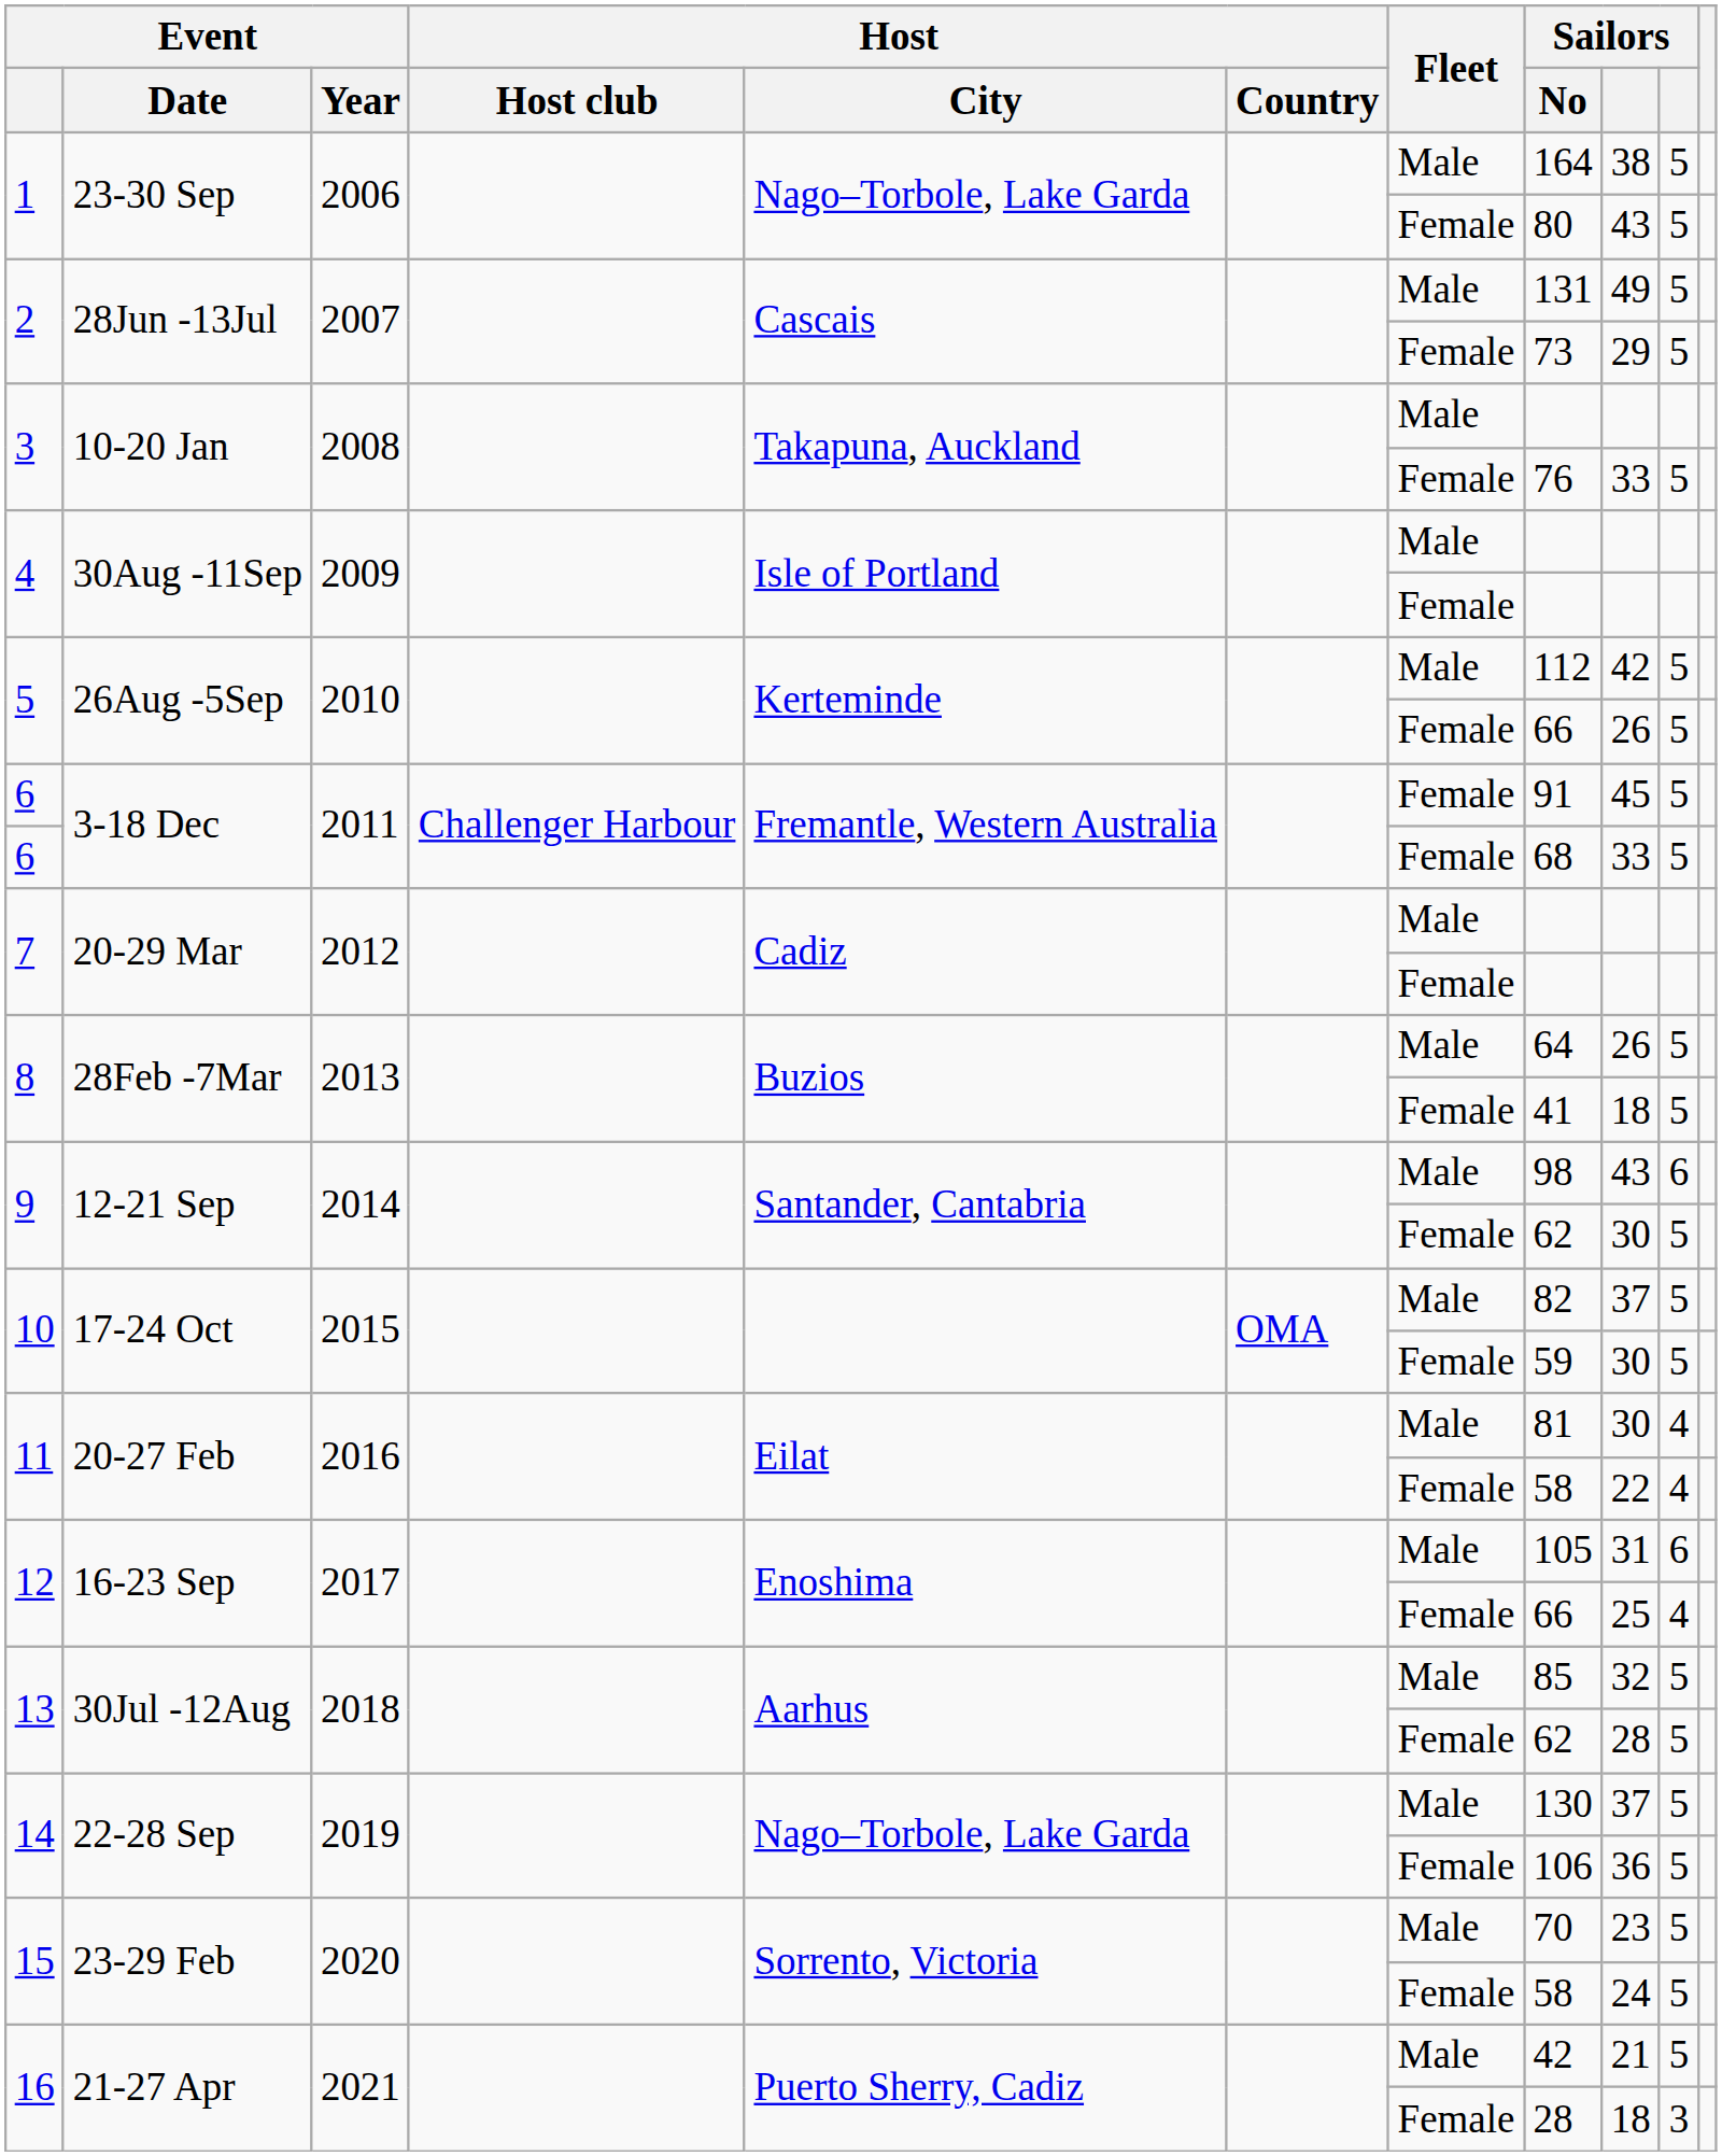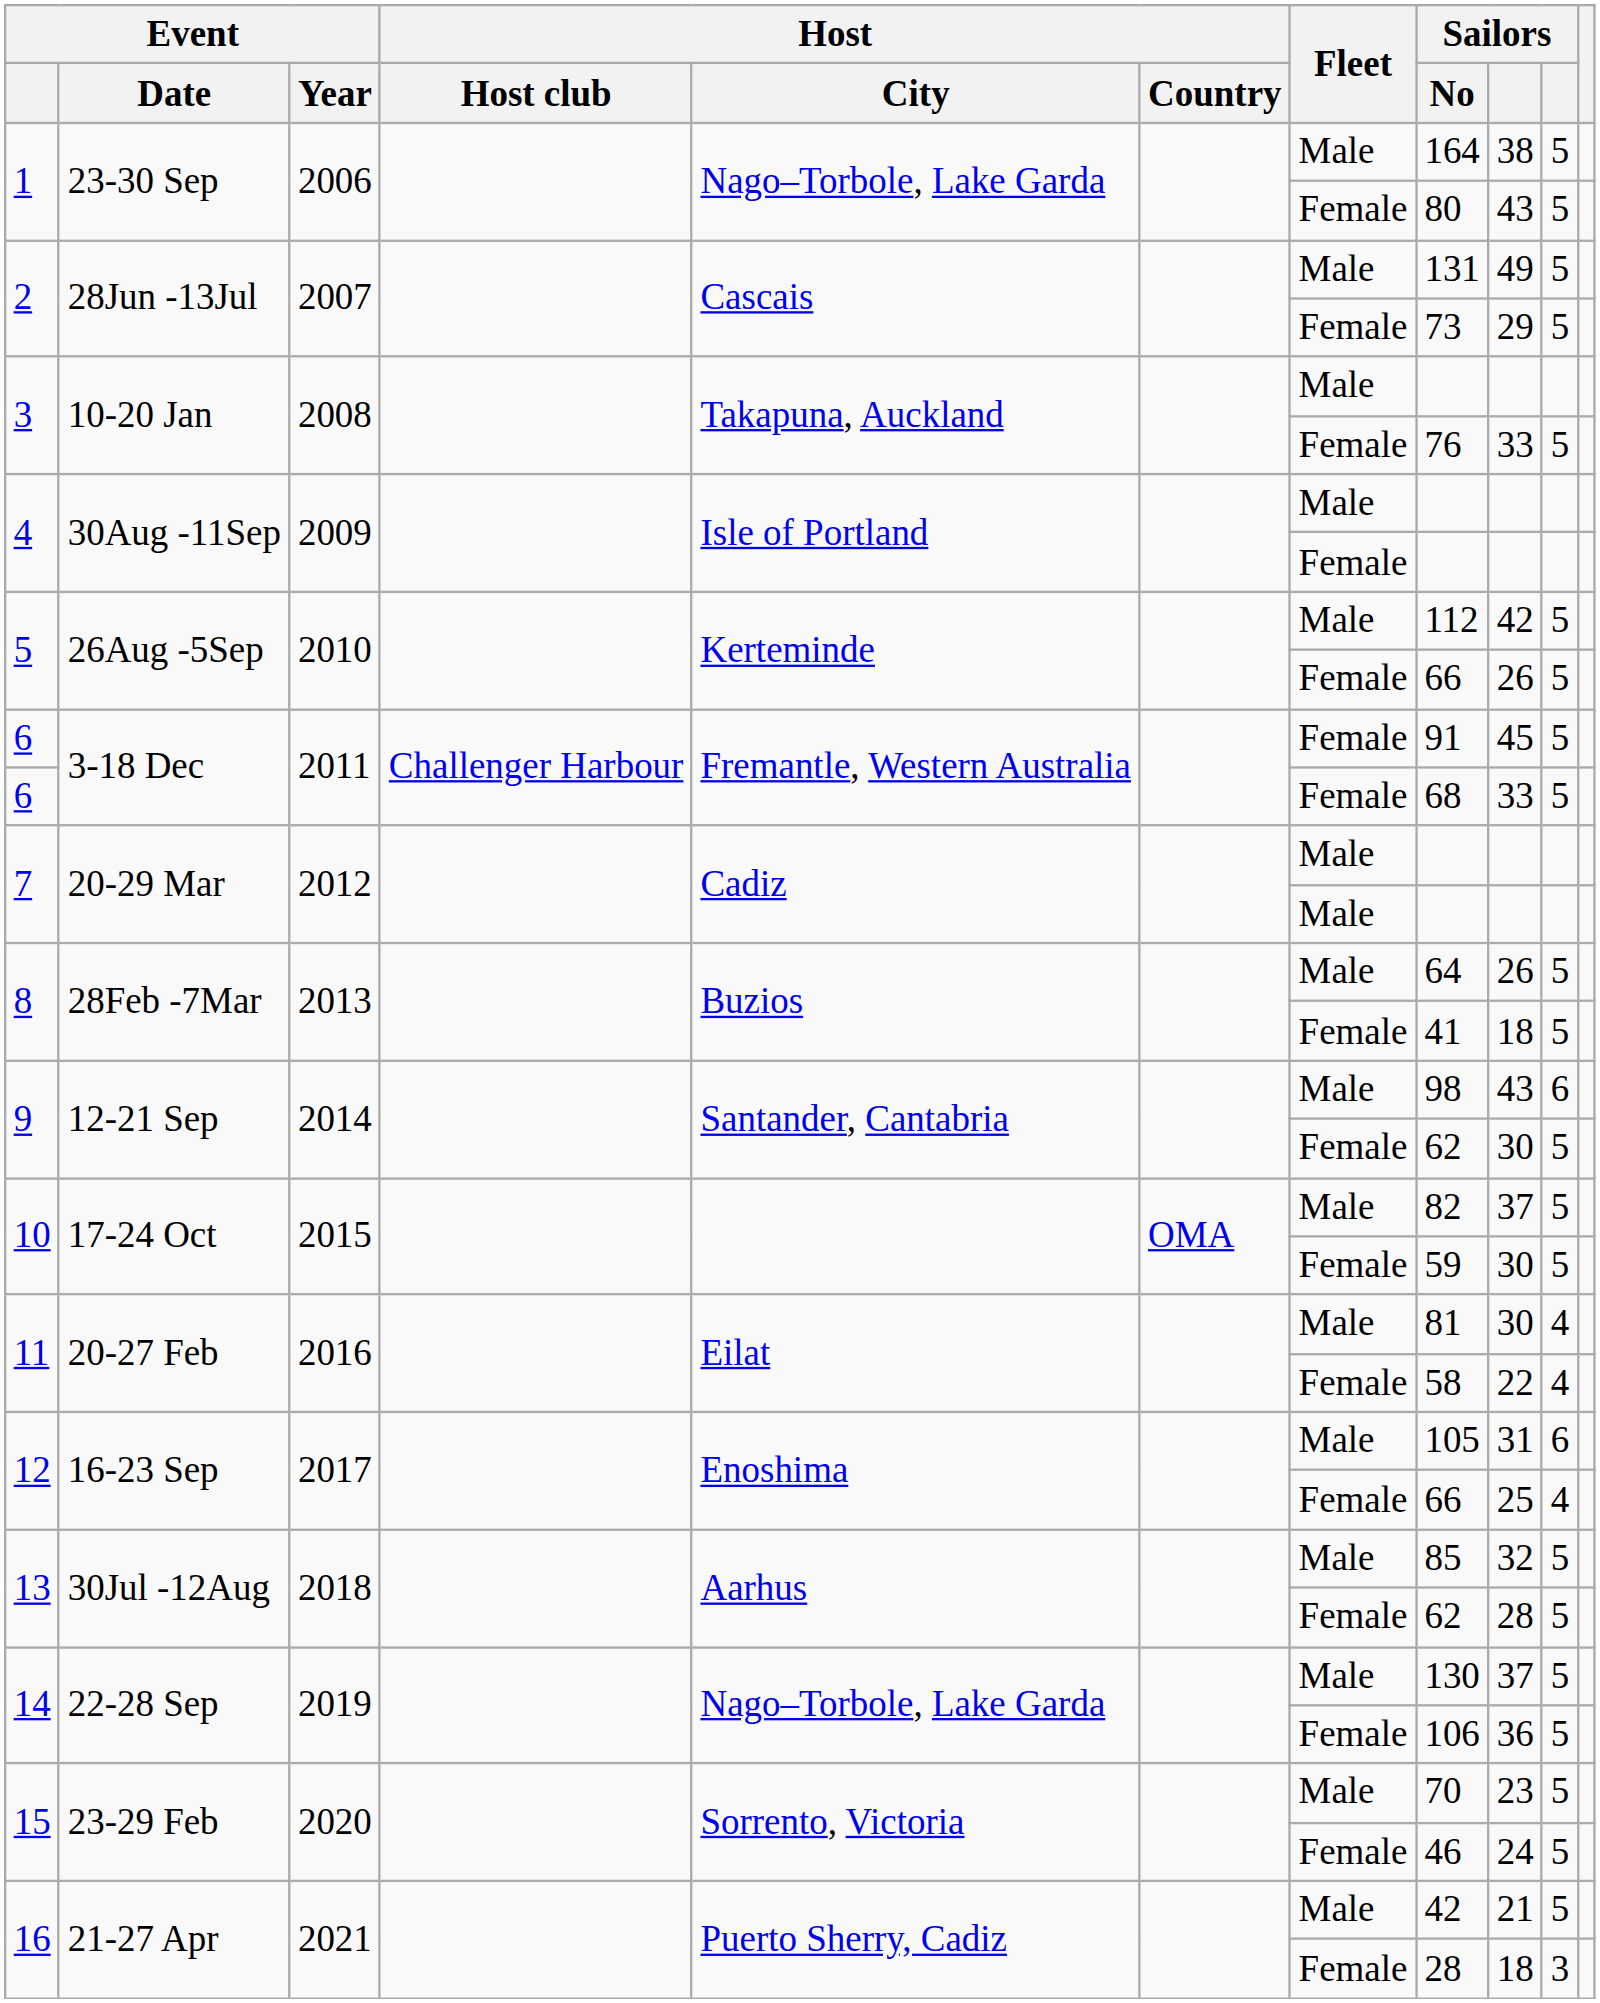 <table class="wikitable sortable">
 <tr>
 <th colspan=3>Event</th>
 <th colspan=3>Host</th>
 <th rowspan=2>Fleet</th>
 <th colspan=3>Sailors</th>
 <th rowspan=2></th>
 </tr>
 <tr>
 <th></th>
 <th>Date</th>
 <th>Year</th>
 <th>Host club</th>
 <th>City</th>
 <th>Country</th>
 <th>No</th>
 <th></th>
 <th></th>
 </tr>
 <tr>
 <td rowspan=2><a href='#'>1</a></td>
 <td rowspan=2>23-30 Sep</td>
 <td rowspan=2>2006</td>
 <td rowspan=2></td>
 <td rowspan=2><a href='#'>Nago–Torbole</a>, <a href='#'>Lake Garda</a></td>
 <td rowspan=2></td>
 <td>Male</td>
 <td>164</td>
 <td>38</td>
 <td>5</td>
 <td> </td>
 </tr>
 <tr>
 <td>Female</td>
 <td>80</td>
 <td>43</td>
 <td>5</td>
 <td></td>
 </tr>
 <tr>
 <td rowspan=2><a href='#'>2</a></td>
 <td rowspan=2>28Jun -13Jul</td>
 <td rowspan=2>2007</td>
 <td rowspan=2></td>
 <td rowspan=2><a href='#'>Cascais</a></td>
 <td rowspan=2></td>
 <td>Male</td>
 <td>131</td>
 <td>49</td>
 <td>5</td>
 <td></td>
 </tr>
 <tr>
 <td>Female</td>
 <td>73</td>
 <td>29</td>
 <td>5</td>
 <td></td>
 </tr>
 <tr>
 <td rowspan=2><a href='#'>3</a></td>
 <td rowspan=2>10-20 Jan</td>
 <td rowspan=2>2008</td>
 <td rowspan=2></td>
 <td rowspan=2><a href='#'>Takapuna</a>, <a href='#'>Auckland</a></td>
 <td rowspan=2></td>
 <td>Male</td>
 <td></td>
 <td></td>
 <td></td>
 <td>	</td>
 </tr>
 <tr>
 <td>Female</td>
 <td>76</td>
 <td>33</td>
 <td>5</td>
 <td></td>
 </tr>
 <tr>
 <td rowspan=2><a href='#'>4</a></td>
 <td rowspan=2>30Aug -11Sep</td>
 <td rowspan=2>2009</td>
 <td rowspan=2></td>
 <td rowspan=2><a href='#'>Isle of Portland</a></td>
 <td rowspan=2></td>
 <td>Male</td>
 <td></td>
 <td></td>
 <td></td>
 <td>	</td>
 </tr>
 <tr>
 <td>Female</td>
 <td></td>
 <td></td>
 <td></td>
 <td></td>
 </tr>
 <tr>
 <td rowspan=2><a href='#'>5</a></td>
 <td rowspan=2>26Aug -5Sep</td>
 <td rowspan=2>2010</td>
 <td rowspan=2></td>
 <td rowspan=2><a href='#'>Kerteminde</a></td>
 <td rowspan=2></td>
 <td>Male</td>
 <td>112</td>
 <td>42</td>
 <td>5</td>
 <td></td>
 </tr>
 <tr>
 <td>Female</td>
 <td>66</td>
 <td>26</td>
 <td>5</td>
 </tr>
 <tr>
 <td><a href='#'>6</a></td>
 <td rowspan=2>3-18 Dec</td>
 <td rowspan=2>2011</td>
 <td rowspan=2><a href='#'>Challenger Harbour</a></td>
 <td rowspan=2><a href='#'>Fremantle</a>, <a href='#'>Western Australia</a></td>
 <td rowspan=2></td>
 <td>Female</td>
 <td>91</td>
 <td>45</td>
 <td>5</td>
 <td></td>
 </tr>
 <tr>
 <td><a href='#'>6</a></td>
 <td>Female</td>
 <td>68</td>
 <td>33</td>
 <td>5</td>
 </tr>
 <tr>
 <td rowspan=2><a href='#'>7</a></td>
 <td rowspan=2>20-29 Mar</td>
 <td rowspan=2>2012</td>
 <td rowspan=2></td>
 <td rowspan=2><a href='#'>Cadiz</a></td>
 <td rowspan=2></td>
 <td>Male</td>
 <td></td>
 <td></td>
 <td></td>
 <td></td>
 </tr>
 <tr>
-<td>Female</td>
+<td>Male</td>
 <td></td>
 <td></td>
 <td></td>
 <td></td>
 </tr>
 <tr>
 <td rowspan=2><a href='#'>8</a></td>
 <td rowspan=2>28Feb -7Mar</td>
 <td rowspan=2>2013</td>
 <td rowspan=2></td>
 <td rowspan=2><a href='#'>Buzios</a></td>
 <td rowspan=2></td>
 <td>Male</td>
 <td>64</td>
 <td>26</td>
 <td>5</td>
 <td></td>
 </tr>
 <tr>
 <td>Female</td>
 <td>41</td>
 <td>18</td>
 <td>5</td>
 </tr>
 <tr>
 <td rowspan=2><a href='#'>9</a></td>
 <td rowspan=2>12-21 Sep</td>
 <td rowspan=2>2014</td>
 <td rowspan=2></td>
 <td rowspan=2><a href='#'>Santander</a>, <a href='#'>Cantabria</a></td>
 <td rowspan=2></td>
 <td>Male</td>
 <td>98</td>
 <td>43</td>
 <td>6</td>
 <td>	</td>
 </tr>
 <tr>
 <td>Female</td>
 <td>62</td>
 <td>30</td>
 <td>5</td>
 <td></td>
 </tr>
 <tr>
 <td rowspan=2><a href='#'>10</a></td>
 <td rowspan=2>17-24 Oct</td>
 <td rowspan=2>2015</td>
 <td rowspan=2></td>
 <td rowspan=2></td>
 <td rowspan=2><a href='#'>OMA</a></td>
 <td>Male</td>
 <td>82</td>
 <td>37</td>
 <td>5</td>
 <td></td>
 </tr>
 <tr>
 <td>Female</td>
 <td>59</td>
 <td>30</td>
 <td>5</td>
 <td></td>
 </tr>
 <tr>
 <td rowspan=2><a href='#'>11</a></td>
 <td rowspan=2>20-27 Feb</td>
 <td rowspan=2>2016</td>
 <td rowspan=2></td>
 <td rowspan=2><a href='#'>Eilat</a></td>
 <td rowspan=2></td>
 <td>Male</td>
 <td>81</td>
 <td>30</td>
 <td>4</td>
 <td></td>
 </tr>
 <tr>
 <td>Female</td>
 <td>58</td>
 <td>22</td>
 <td>4</td>
 <td></td>
 </tr>
 <tr>
 <td rowspan=2><a href='#'>12</a></td>
 <td rowspan=2>16-23 Sep</td>
 <td rowspan=2>2017</td>
 <td rowspan=2></td>
 <td rowspan=2><a href='#'>Enoshima</a></td>
 <td rowspan=2></td>
 <td>Male</td>
 <td>105</td>
 <td>31</td>
 <td>6</td>
 <td>	</td>
 </tr>
 <tr>
 <td>Female</td>
 <td>66</td>
 <td>25</td>
 <td>4</td>
 <td></td>
 </tr>
 <tr>
 <td rowspan=2><a href='#'>13</a></td>
 <td rowspan=2>30Jul -12Aug</td>
 <td rowspan=2>2018</td>
 <td rowspan=2></td>
 <td rowspan=2><a href='#'>Aarhus</a></td>
 <td rowspan=2></td>
 <td>Male</td>
 <td>85</td>
 <td>32</td>
 <td>5</td>
 <td>	</td>
 </tr>
 <tr>
 <td>Female</td>
 <td>62</td>
 <td>28</td>
 <td>5</td>
 <td></td>
 </tr>
 <tr>
 <td rowspan=2><a href='#'>14</a></td>
 <td rowspan=2>22-28 Sep</td>
 <td rowspan=2>2019</td>
 <td rowspan=2></td>
 <td rowspan=2><a href='#'>Nago–Torbole</a>, <a href='#'>Lake Garda</a></td>
 <td rowspan=2></td>
 <td>Male</td>
 <td>130</td>
 <td>37</td>
 <td>5</td>
 <td>	</td>
 </tr>
 <tr>
 <td>Female</td>
 <td>106</td>
 <td>36</td>
 <td>5</td>
 <td></td>
 </tr>
 <tr>
 <td rowspan=2><a href='#'>15</a></td>
 <td rowspan=2>23-29 Feb</td>
 <td rowspan=2>2020</td>
 <td rowspan=2></td>
 <td rowspan=2><a href='#'>Sorrento</a>, <a href='#'>Victoria</a></td>
 <td rowspan=2></td>
 <td>Male</td>
 <td>70</td>
 <td>23</td>
 <td>5</td>
 <td>	</td>
 </tr>
 <tr>
 <td>Female</td>
-<td>58</td>
+<td>46</td>
 <td>24</td>
 <td>5</td>
 <td></td>
 </tr>
 <tr>
 <td rowspan=2><a href='#'>16</a></td>
 <td rowspan=2>21-27 Apr</td>
 <td rowspan=2>2021</td>
 <td rowspan=2></td>
 <td rowspan=2><a href='#'>Puerto Sherry, Cadiz</a></td>
 <td rowspan=2></td>
 <td>Male</td>
 <td>42</td>
 <td>21</td>
 <td>5</td>
 <td></td>
 </tr>
 <tr>
 <td>Female</td>
 <td>28</td>
 <td>18</td>
 <td>3</td>
 <td></td>
 </tr>
 </table>
